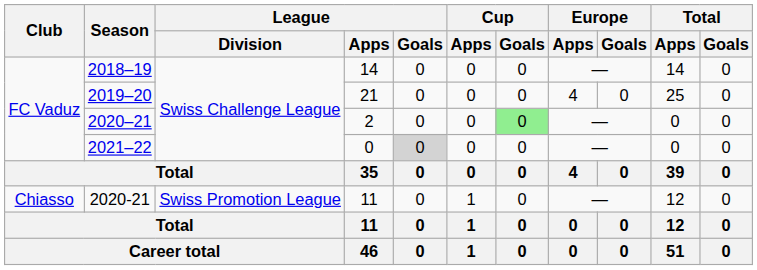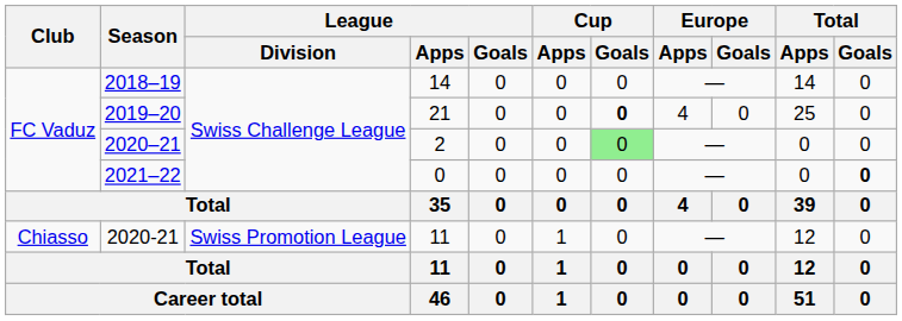 <table class="wikitable" style="font-size:90%; text-align: center">
 <tr>
 <th rowspan=2>Club</th>
 <th rowspan=2>Season</th>
 <th colspan=3>League</th>
 <th colspan=2>Cup</th>
 <th colspan=2>Europe</th>
 <th colspan=2>Total</th>
 </tr>
 <tr>
 <th>Division</th>
 <th>Apps</th>
 <th>Goals</th>
 <th>Apps</th>
 <th>Goals</th>
 <th>Apps</th>
 <th>Goals</th>
 <th>Apps</th>
 <th>Goals</th>
 </tr>
 <tr>
 <td rowspan=4><a href='#'>FC Vaduz</a></td>
 <td><a href='#'>2018–19</a></td>
 <td rowspan=4><a href='#'>Swiss Challenge League</a></td>
 <td>14</td>
 <td>0</td>
 <td>0</td>
 <td>0</td>
 <td colspan=2>—</td>
 <td>14</td>
 <td>0</td>
 </tr>
 <tr>
 <td><a href='#'>2019–20</a></td>
 <td>21</td>
 <td>0</td>
 <td>0</td>
-<td>0</td>
+<td><strong>0</strong></td>
 <td>4</td>
 <td>0</td>
 <td>25</td>
 <td>0</td>
 </tr>
 <tr>
 <td><a href='#'>2020–21</a></td>
 <td>2</td>
 <td>0</td>
 <td>0</td>
 <td style="background: lightgreen;">0</td>
 <td colspan=2>—</td>
 <td>0</td>
 <td>0</td>
 </tr>
 <tr>
 <td><a href='#'>2021–22</a></td>
 <td>0</td>
-<td style="background: lightgrey;">0</td>
+<td>0</td>
 <td>0</td>
 <td>0</td>
 <td colspan=2>—</td>
 <td>0</td>
-<td>0</td>
+<td><strong>0</strong></td>
 </tr>
 <tr>
 <th colspan=3>Total</th>
 <th>35</th>
 <th>0</th>
 <th>0</th>
 <th>0</th>
 <th>4</th>
 <th>0</th>
 <th>39</th>
 <th>0</th>
 </tr>
 <tr>
 <td><a href='#'>Chiasso</a></td>
 <td>2020-21</td>
 <td><a href='#'>Swiss Promotion League</a></td>
 <td>11</td>
 <td>0</td>
 <td>1</td>
 <td>0</td>
 <td colspan=2>—</td>
 <td>12</td>
 <td>0</td>
 </tr>
 <tr>
 <th colspan=3>Total</th>
 <th>11</th>
 <th>0</th>
 <th>1</th>
 <th>0</th>
 <th>0</th>
 <th>0</th>
 <th>12</th>
 <th>0</th>
 </tr>
 <tr>
 <th colspan=3>Career total</th>
 <th>46</th>
 <th>0</th>
 <th>1</th>
 <th>0</th>
 <th>0</th>
 <th>0</th>
 <th>51</th>
 <th>0</th>
 </tr>
 </table>
